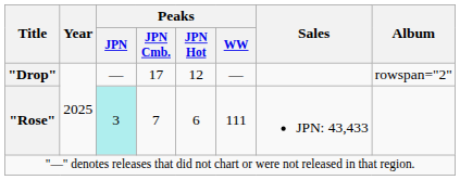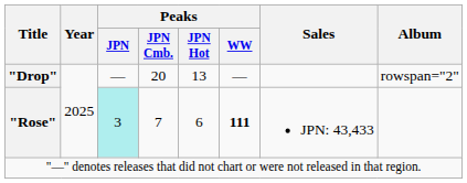 <table class="wikitable plainrowheaders" style="text-align:center">
 <tr>
 <th scope="col" rowspan="2">Title</th>
 <th scope="col" rowspan="2">Year</th>
 <th scope="col" colspan="4">Peaks</th>
 <th scope="col" rowspan="2">Sales</th>
 <th scope="col" rowspan="2">Album</th>
 </tr>
 <tr>
 <th scope="col" style="width:2.75em;font-size:85%"><a href='#'>JPN</a><br></th>
 <th scope="col" style="width:2.75em;font-size:85%"><a href='#'>JPN<br>Cmb.</a><br></th>
 <th scope="col" style="width:2.75em;font-size:85%"><a href='#'>JPN<br>Hot</a><br></th>
 <th scope="col" style="width:2.75em;font-size:85%"><a href='#'>WW</a><br></th>
 </tr>
 <tr>
 <th scope="row">"Drop"</th>
 <td rowspan="2">2025</td>
 <td>—</td>
-<td>17</td>
-<td>12</td>
+<td>20</td>
+<td>13</td>
 <td>—</td>
 <td></td>
 <td>rowspan="2" </td>
 </tr>
 <tr>
 <th scope="row">"Rose"</th>
 <td style="background: paleturquoise;">3</td>
 <td>7</td>
 <td>6</td>
-<td>111</td>
+<td><strong>111</strong></td>
 <td><br><ul><li>JPN: 43,433</li></ul></td>
 </tr>
 <tr>
 <td colspan="8" style="font-size:85%">"—" denotes releases that did not chart or were not released in that region.</td>
 </tr>
 </table>
